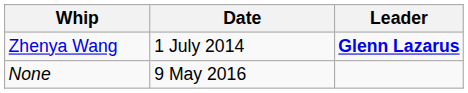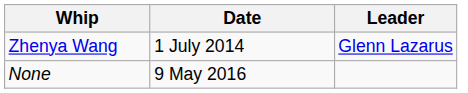 <table class=wikitable>
 <tr>
 <th width=125px>Whip</th>
 <th width=160px>Date</th>
 <th>Leader</th>
 </tr>
 <tr>
 <td><a href='#'>Zhenya Wang</a></td>
 <td>1 July 2014</td>
-<td><strong><a href='#'>Glenn Lazarus</a></strong></td>
+<td><a href='#'>Glenn Lazarus</a></td>
 </tr>
 <tr>
 <td><em>None</em></td>
 <td>9 May 2016</td>
 </tr>
 </table>
